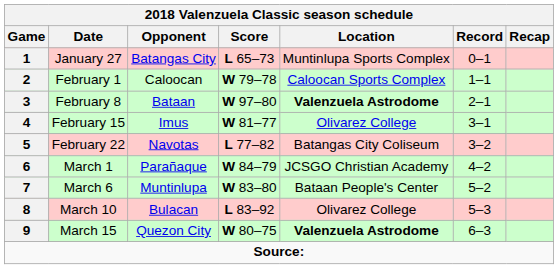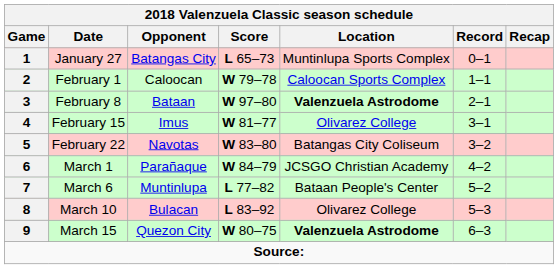 <table class="wikitable" style="text-align:center">
 <tr>
 <th colspan=7>2018 Valenzuela Classic season schedule</th>
 </tr>
 <tr>
 <th>Game</th>
 <th>Date</th>
 <th>Opponent</th>
 <th>Score</th>
 <th>Location</th>
 <th>Record</th>
 <th>Recap</th>
 </tr>
 <tr style="background:#fcc">
 <th>1</th>
 <td>January 27</td>
 <td><a href='#'>Batangas City</a></td>
 <td><strong>L</strong> 65–73</td>
 <td>Muntinlupa Sports Complex</td>
 <td>0–1</td>
 <td></td>
 </tr>
 <tr style="background:#cfc">
 <th>2</th>
 <td>February 1</td>
 <td>Caloocan</td>
 <td><strong>W</strong> 79–78</td>
 <td><a href='#'>Caloocan Sports Complex</a></td>
 <td>1–1</td>
 <td></td>
 </tr>
 <tr style="background:#cfc">
 <th>3</th>
 <td>February 8</td>
 <td><a href='#'>Bataan</a></td>
 <td><strong>W</strong> 97–80</td>
 <td><strong>Valenzuela Astrodome</strong></td>
 <td>2–1</td>
 <td></td>
 </tr>
 <tr style="background:#cfc">
 <th>4</th>
 <td>February 15</td>
 <td><a href='#'>Imus</a></td>
 <td><strong>W</strong> 81–77</td>
 <td><a href='#'>Olivarez College</a></td>
 <td>3–1</td>
 <td></td>
 </tr>
 <tr style="background:#fcc">
 <th>5</th>
 <td>February 22</td>
 <td><a href='#'>Navotas</a></td>
-<td><strong>L</strong> 77–82</td>
+<td><strong>W</strong> 83–80</td>
 <td>Batangas City Coliseum</td>
 <td>3–2</td>
 <td></td>
 </tr>
 <tr style="background:#cfc">
 <th>6</th>
 <td>March 1</td>
 <td><a href='#'>Parañaque</a></td>
 <td><strong>W</strong> 84–79</td>
 <td>JCSGO Christian Academy</td>
 <td>4–2</td>
 <td></td>
 </tr>
 <tr style="background:#cfc">
 <th>7</th>
 <td>March 6</td>
 <td><a href='#'>Muntinlupa</a></td>
-<td><strong>W</strong> 83–80</td>
+<td><strong>L</strong> 77–82</td>
 <td>Bataan People's Center</td>
 <td>5–2</td>
 <td></td>
 </tr>
 <tr style="background:#fcc">
 <th>8</th>
 <td>March 10</td>
 <td><a href='#'>Bulacan</a></td>
 <td><strong>L</strong> 83–92</td>
 <td>Olivarez College</td>
 <td>5–3</td>
 <td></td>
 </tr>
 <tr style="background:#cfc">
 <th>9</th>
 <td>March 15</td>
 <td><a href='#'>Quezon City</a></td>
 <td><strong>W</strong> 80–75</td>
 <td><strong>Valenzuela Astrodome</strong></td>
 <td>6–3</td>
 <td></td>
 </tr>
 <tr>
 <td colspan=7 align=center><strong>Source: </strong></td>
 </tr>
 </table>
